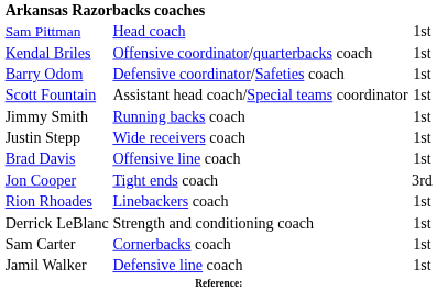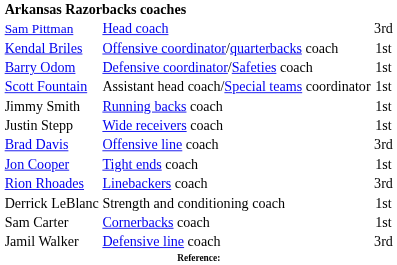 <table class="toccolours" style="text-align: left;">
 <tr>
 <td colspan="9"><strong>Arkansas Razorbacks coaches</strong></td>
 </tr>
 <tr>
 <td style="font-size: 95%;" valign="top"><a href='#'>Sam Pittman</a></td>
 <td><a href='#'>Head coach</a></td>
-<td align=center>1st</td>
+<td align=center>3rd</td>
 </tr>
 <tr>
 <td><a href='#'>Kendal Briles</a></td>
 <td><a href='#'>Offensive coordinator</a>/<a href='#'>quarterbacks</a> coach</td>
 <td align=center>1st</td>
 </tr>
 <tr>
 <td><a href='#'>Barry Odom</a></td>
 <td><a href='#'>Defensive coordinator</a>/<a href='#'>Safeties</a> coach</td>
 <td align=center>1st</td>
 </tr>
 <tr>
 <td><a href='#'>Scott Fountain</a></td>
 <td>Assistant head coach/<a href='#'>Special teams</a> coordinator</td>
 <td align=center>1st</td>
 </tr>
 <tr>
 <td>Jimmy Smith</td>
 <td><a href='#'>Running backs</a> coach</td>
 <td align=center>1st</td>
 </tr>
 <tr>
 <td>Justin Stepp</td>
 <td><a href='#'>Wide receivers</a> coach</td>
 <td align=center>1st</td>
 </tr>
 <tr>
 <td><a href='#'>Brad Davis</a></td>
 <td><a href='#'>Offensive line</a> coach</td>
-<td align=center>1st</td>
+<td align=center>3rd</td>
 </tr>
 <tr>
 <td><a href='#'>Jon Cooper</a></td>
 <td><a href='#'>Tight ends</a> coach</td>
-<td align=center>3rd</td>
+<td align=center>1st</td>
 </tr>
 <tr>
 <td><a href='#'>Rion Rhoades</a></td>
 <td><a href='#'>Linebackers</a> coach</td>
-<td align=center>1st</td>
+<td align=center>3rd</td>
 </tr>
 <tr>
 <td>Derrick LeBlanc</td>
 <td>Strength and conditioning coach</td>
 <td align=center>1st</td>
 </tr>
 <tr>
 <td>Sam Carter</td>
 <td><a href='#'>Cornerbacks</a> coach</td>
 <td align=center>1st</td>
 </tr>
 <tr>
 <td>Jamil Walker</td>
 <td><a href='#'>Defensive line</a> coach</td>
-<td align=center>1st</td>
+<td align=center>3rd</td>
 </tr>
 <tr>
 <td colspan="4"  style="font-size:8pt; text-align:center;"><strong>Reference:</strong></td>
 </tr>
 </table>
